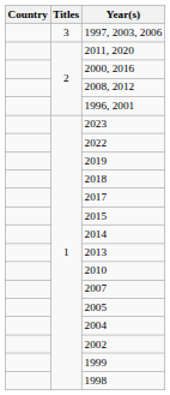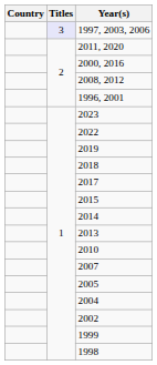 <table class="wikitable sortable" style="font-size: 85%;">
 <tr>
 <th>Country</th>
 <th>Titles</th>
 <th>Year(s)</th>
 </tr>
 <tr>
 <td></td>
-<td rowspan="1"  style="text-align:center;">3</td>
+<td rowspan="1"  style="background: lavender; text-align:center;">3</td>
 <td>1997, 2003, 2006</td>
 </tr>
 <tr>
 <td></td>
 <td rowspan="4"  style="text-align:center;">2</td>
 <td>2011, 2020</td>
 </tr>
 <tr>
 <td></td>
 <td>2000, 2016</td>
 </tr>
 <tr>
 <td></td>
 <td>2008, 2012</td>
 </tr>
 <tr>
 <td></td>
 <td>1996, 2001</td>
 </tr>
 <tr>
 <td></td>
 <td rowspan="15"  style="text-align:center;">1</td>
 <td>2023</td>
 </tr>
 <tr>
 <td></td>
 <td>2022</td>
 </tr>
 <tr>
 <td></td>
 <td>2019</td>
 </tr>
 <tr>
 <td></td>
 <td>2018</td>
 </tr>
 <tr>
 <td></td>
 <td>2017</td>
 </tr>
 <tr>
 <td></td>
 <td>2015</td>
 </tr>
 <tr>
 <td></td>
 <td>2014</td>
 </tr>
 <tr>
 <td></td>
 <td>2013</td>
 </tr>
 <tr>
 <td></td>
 <td>2010</td>
 </tr>
 <tr>
 <td></td>
 <td>2007</td>
 </tr>
 <tr>
 <td></td>
 <td>2005</td>
 </tr>
 <tr>
 <td></td>
 <td>2004</td>
 </tr>
 <tr>
 <td></td>
 <td>2002</td>
 </tr>
 <tr>
 <td></td>
 <td>1999</td>
 </tr>
 <tr>
 <td></td>
 <td>1998</td>
 </tr>
 </table>
